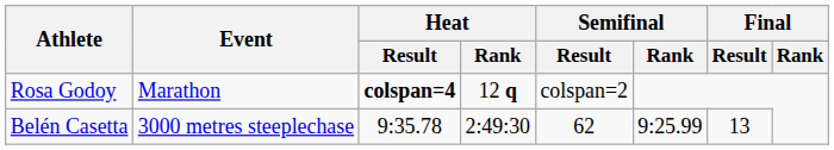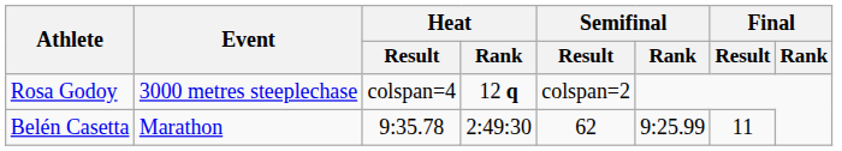 <table class=wikitable style=font-size:90%>
 <tr>
 <th rowspan=2>Athlete</th>
 <th rowspan=2>Event</th>
 <th colspan=2>Heat</th>
 <th colspan=2>Semifinal</th>
 <th colspan=2>Final</th>
 </tr>
 <tr style=font-size:95%>
 <th>Result</th>
 <th>Rank</th>
 <th>Result</th>
 <th>Rank</th>
 <th>Result</th>
 <th>Rank</th>
 </tr>
 <tr align=center>
 <td align=left><a href='#'>Rosa Godoy</a></td>
-<td align=left><a href='#'>Marathon</a></td>
-<td><strong>colspan=4 </strong></td>
+<td align=left><a href='#'>3000 metres steeplechase</a></td>
+<td>colspan=4 </td>
 <td>12 <strong>q</strong></td>
 <td>colspan=2 </td>
 </tr>
 <tr align=center>
 <td align=left><a href='#'>Belén Casetta</a></td>
-<td align=left><a href='#'>3000 metres steeplechase</a></td>
+<td align=left><a href='#'>Marathon</a></td>
 <td>9:35.78 <strong></strong></td>
 <td>2:49:30 <strong></strong></td>
 <td>62</td>
 <td>9:25.99 <strong></strong></td>
-<td>13</td>
+<td>11</td>
 </tr>
 </table>
